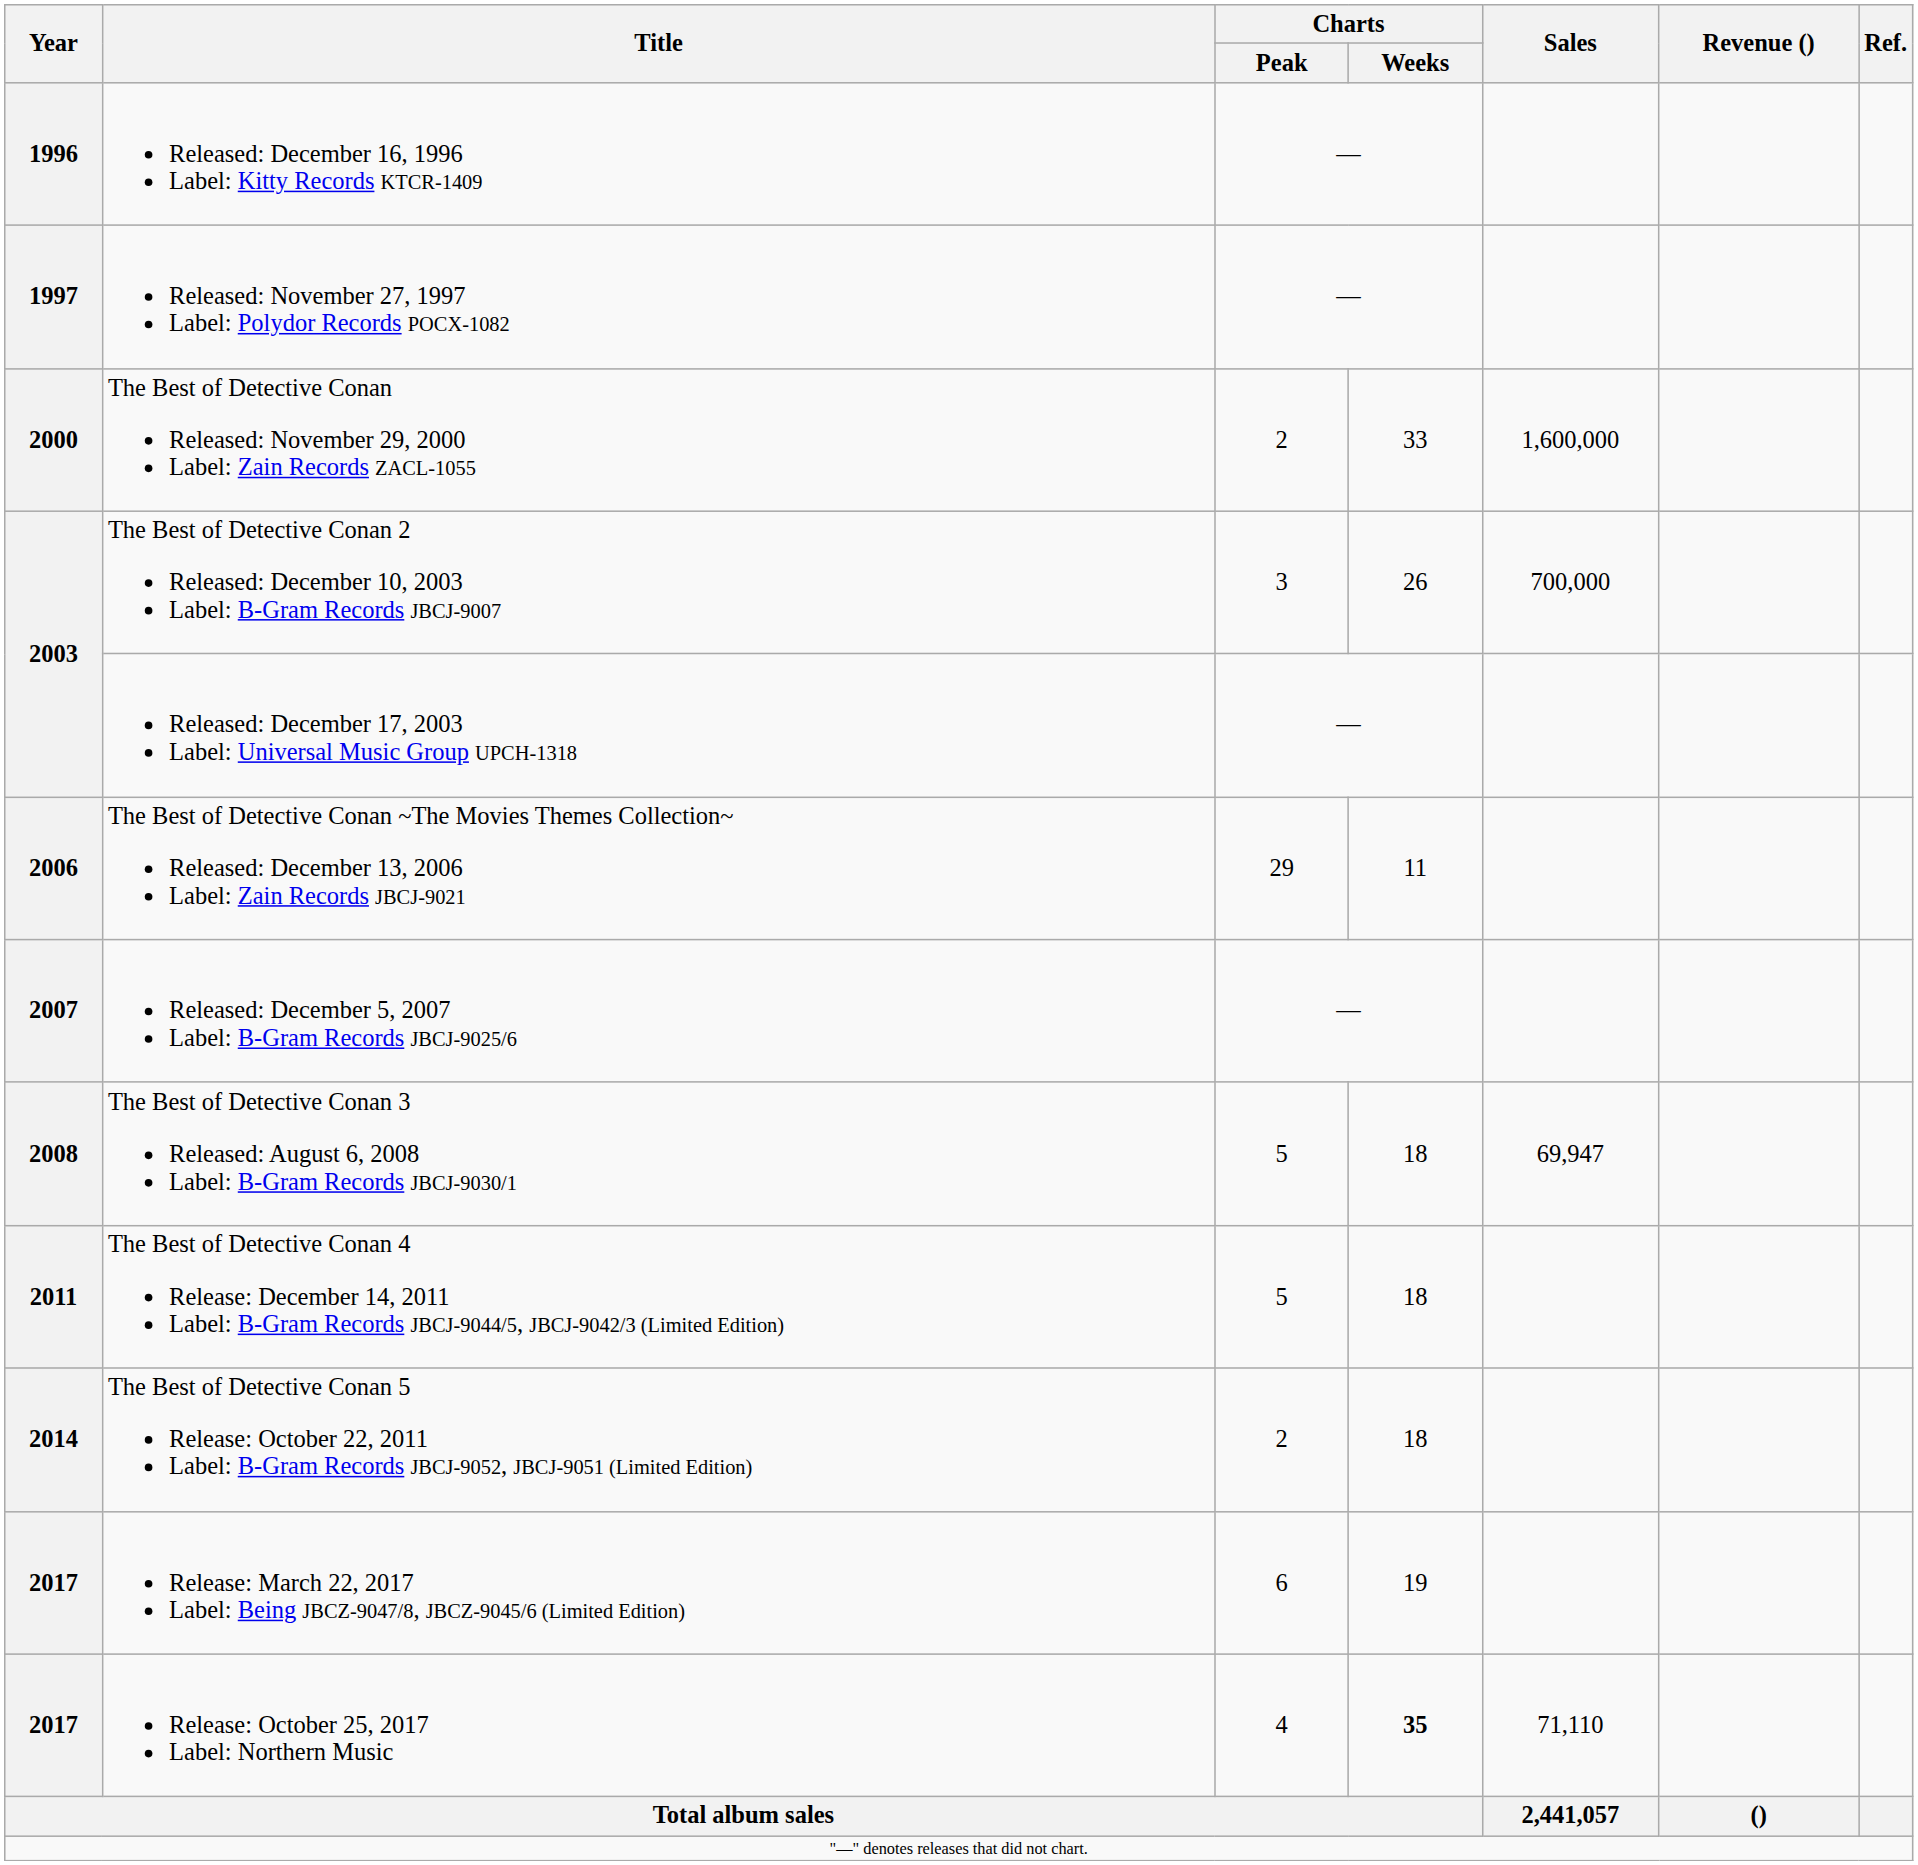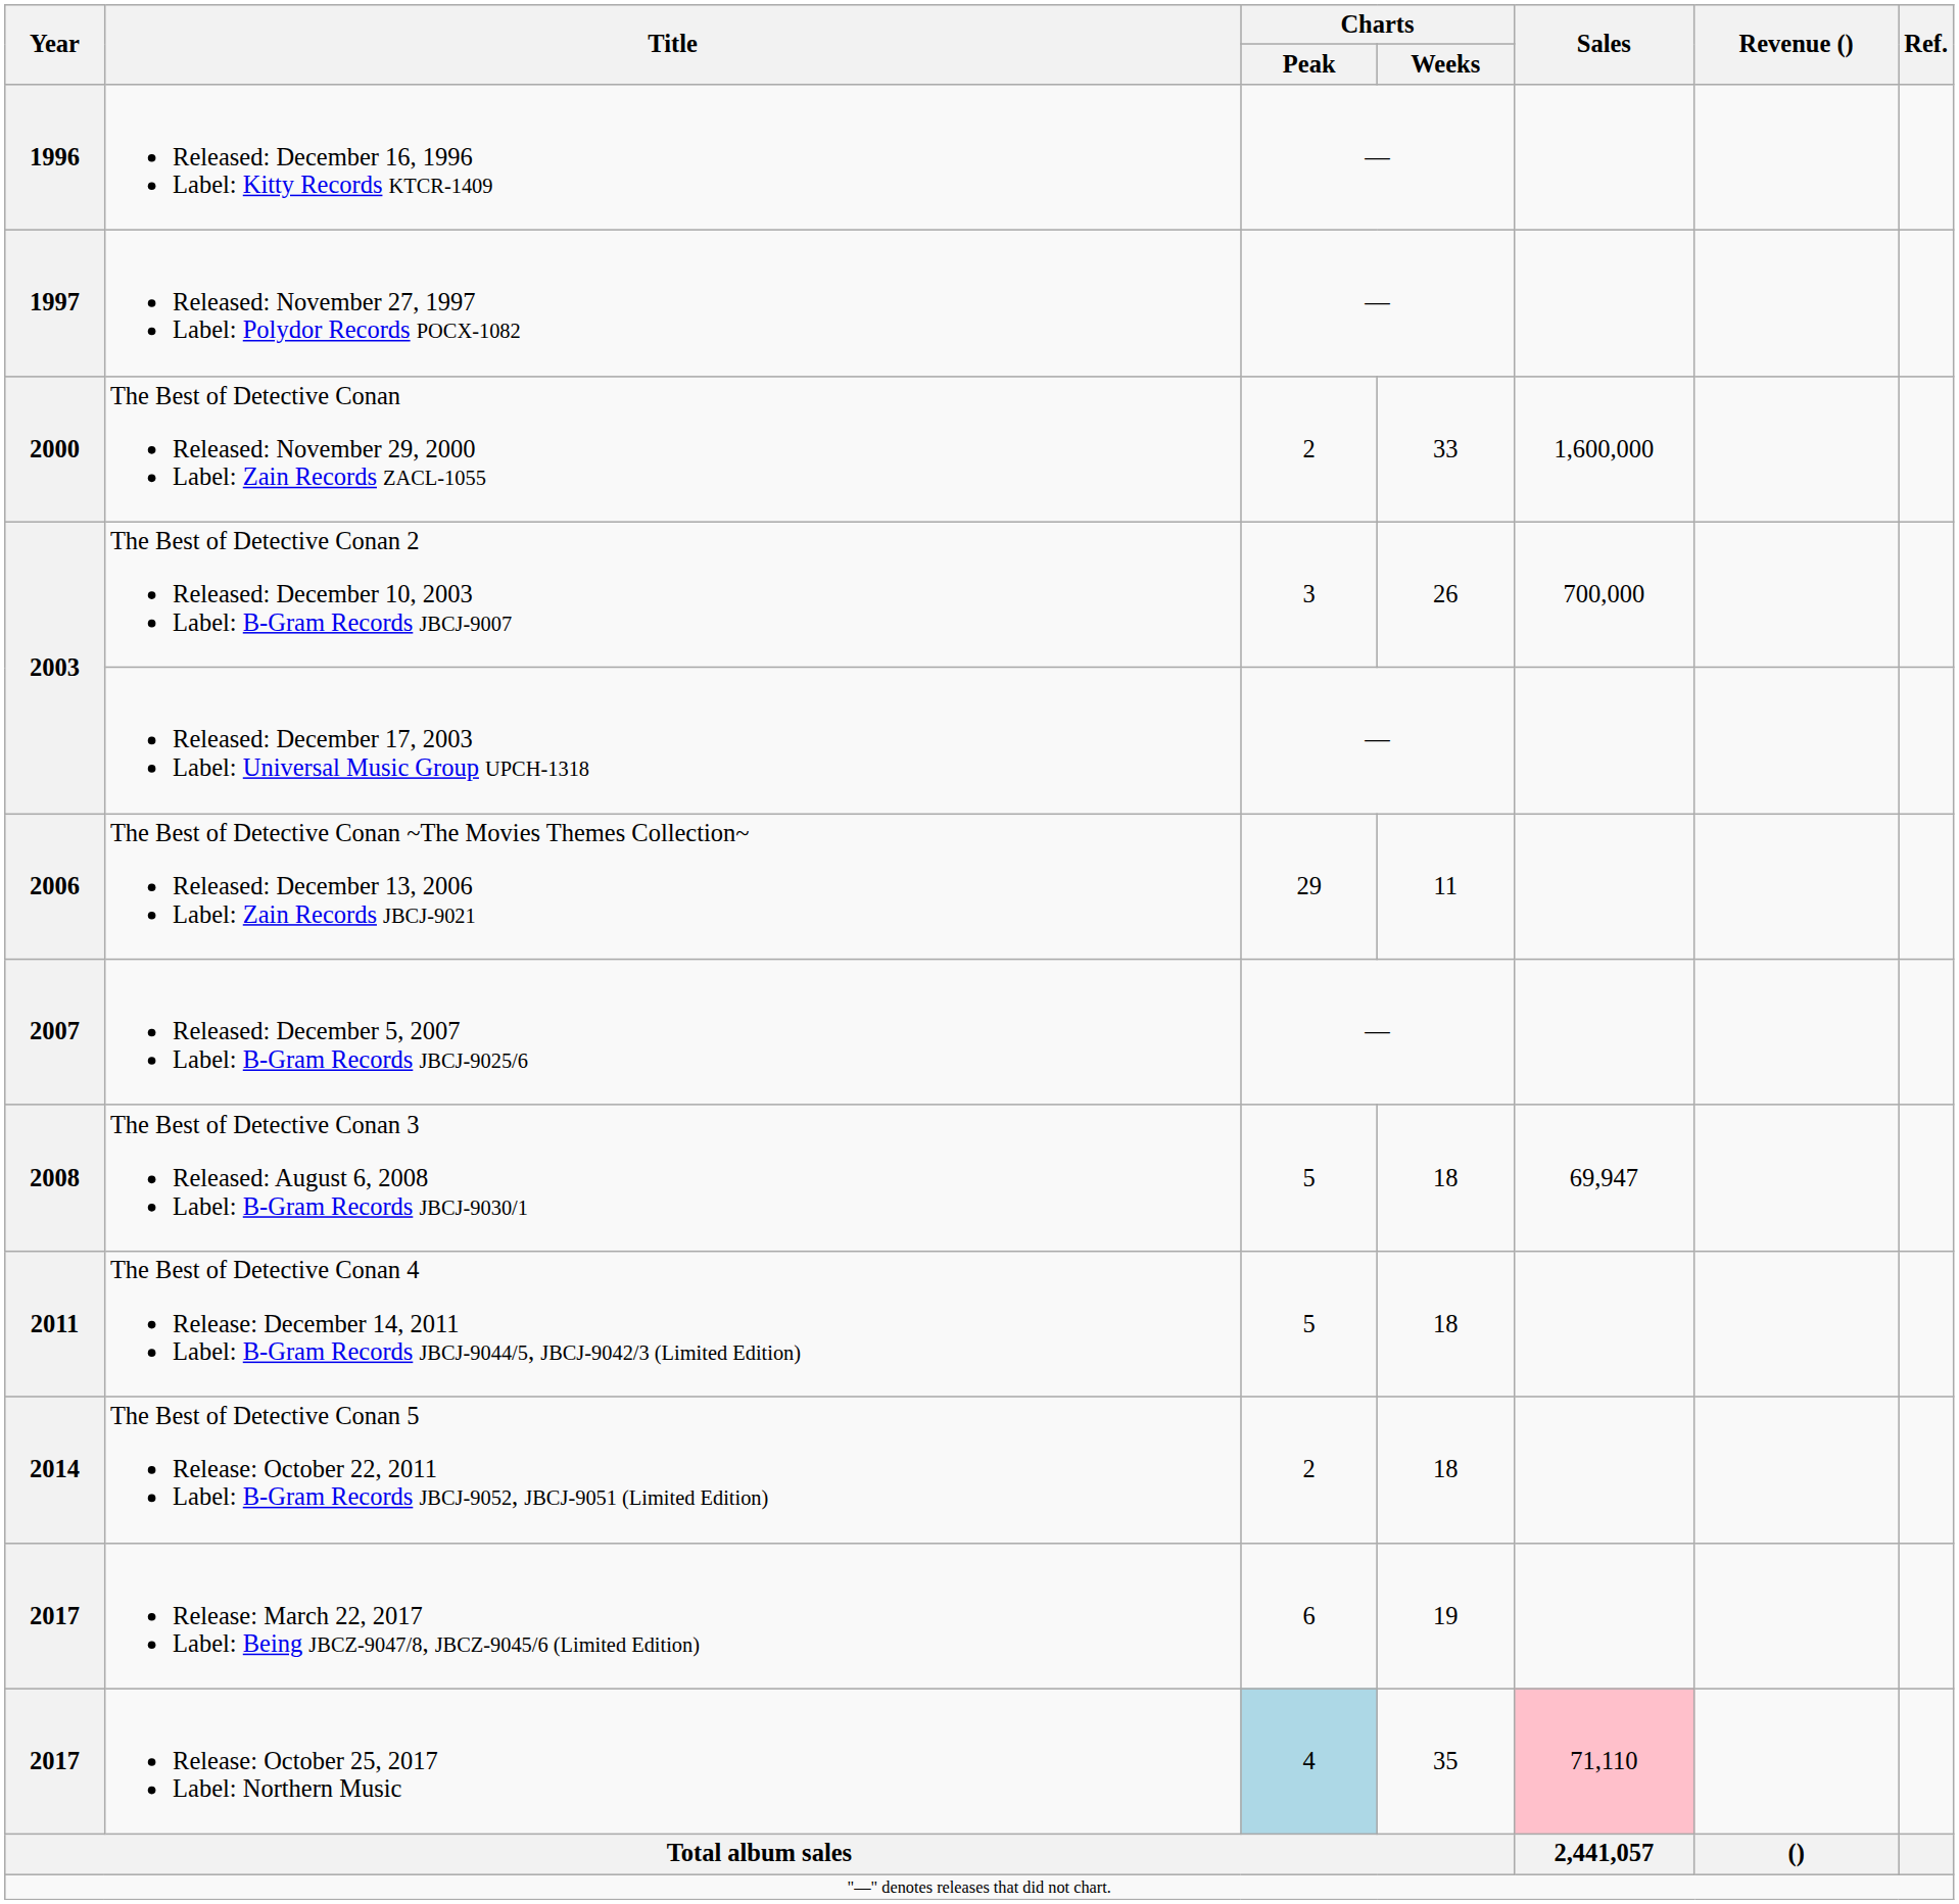 <table class="wikitable sortable">
 <tr>
 <th scope="column" rowspan="2">Year</th>
 <th scope="column" rowspan="2">Title</th>
 <th scope="column" colspan="2">Charts</th>
 <th scope="column" rowspan="2">Sales</th>
 <th scope="column" rowspan="2">Revenue ()</th>
 <th scope="column" width="1%" rowspan="2">Ref.</th>
 </tr>
 <tr>
 <th scope="column" width="7%">Peak</th>
 <th scope="column" width="7%">Weeks</th>
 </tr>
 <tr>
 <th scope="row" align="center">1996</th>
 <td align="left"><br><ul><li>Released: December 16, 1996</li><li>Label: <a href='#'>Kitty Records</a> <small>KTCR-1409</small></li></ul></td>
 <td align="center" colspan="2">—</td>
 <td align="center"></td>
 <td align="center"></td>
 <td align="center"></td>
 </tr>
 <tr>
 <th scope="row" align="center">1997</th>
 <td align="left"><br><ul><li>Released: November 27, 1997</li><li>Label: <a href='#'>Polydor Records</a> <small>POCX-1082</small></li></ul></td>
 <td align="center" colspan="2">—</td>
 <td align="center"></td>
 <td align="center"></td>
 <td align="center"></td>
 </tr>
 <tr>
 <th scope="row" align="center">2000</th>
 <td align="left">The Best of Detective Conan<br><ul><li>Released: November 29, 2000</li><li>Label: <a href='#'>Zain Records</a> <small>ZACL-1055</small></li></ul></td>
 <td align="center">2</td>
 <td align="center">33</td>
 <td align="center">1,600,000</td>
 <td align="center"></td>
 <td align="center"></td>
 </tr>
 <tr>
 <th scope="row" align="center" rowspan="2">2003</th>
 <td align="left">The Best of Detective Conan 2<br><ul><li>Released: December 10, 2003</li><li>Label: <a href='#'>B-Gram Records</a> <small>JBCJ-9007</small></li></ul></td>
 <td align="center">3</td>
 <td align="center">26</td>
 <td align="center">700,000</td>
 <td align="center"></td>
 <td align="center"></td>
 </tr>
 <tr>
 <td align="left"><br><ul><li>Released: December 17, 2003</li><li>Label: <a href='#'>Universal Music Group</a> <small>UPCH-1318</small></li></ul></td>
 <td align="center" colspan="2">—</td>
 <td align="center"></td>
 <td align="center"></td>
 <td align="center"></td>
 </tr>
 <tr>
 <th scope="row" align="center">2006</th>
 <td align="left">The Best of Detective Conan ~The Movies Themes Collection~<br><ul><li>Released: December 13, 2006</li><li>Label: <a href='#'>Zain Records</a> <small>JBCJ-9021</small></li></ul></td>
 <td align="center">29</td>
 <td align="center">11</td>
 <td align="center"></td>
 <td align="center"></td>
 <td align="center"></td>
 </tr>
 <tr>
 <th scope="row" align="center">2007</th>
 <td align="left"><br><ul><li>Released: December 5, 2007</li><li>Label: <a href='#'>B-Gram Records</a> <small>JBCJ-9025/6</small></li></ul></td>
 <td align="center" colspan="2">—</td>
 <td align="center"></td>
 <td align="center"></td>
 <td align="center"></td>
 </tr>
 <tr>
 <th scope="row" align="center">2008</th>
 <td align="left">The Best of Detective Conan 3<br><ul><li>Released: August 6, 2008</li><li>Label: <a href='#'>B-Gram Records</a> <small>JBCJ-9030/1</small></li></ul></td>
 <td align="center">5</td>
 <td align="center">18</td>
 <td align="center">69,947</td>
 <td align="center"></td>
 <td align="center"></td>
 </tr>
 <tr>
 <th scope="row" align="center">2011</th>
 <td align="left">The Best of Detective Conan 4<br><ul><li>Release: December 14, 2011</li><li>Label: <a href='#'>B-Gram Records</a> <small>JBCJ-9044/5</small>, <small>JBCJ-9042/3 (Limited Edition)</small></li></ul></td>
 <td align="center">5</td>
 <td align="center">18</td>
 <td align="center"></td>
 <td align="center"></td>
 <td align="center"></td>
 </tr>
 <tr>
 <th scope="row" align="center">2014</th>
 <td align="left">The Best of Detective Conan 5<br><ul><li>Release: October 22, 2011</li><li>Label: <a href='#'>B-Gram Records</a> <small>JBCJ-9052</small>, <small>JBCJ-9051 (Limited Edition)</small></li></ul></td>
 <td align="center">2</td>
 <td align="center">18</td>
 <td align="center"></td>
 <td align="center"></td>
 <td align="center"></td>
 </tr>
 <tr>
 <th scope="row" align="center">2017</th>
 <td align="left"><br><ul><li>Release: March 22, 2017</li><li>Label: <a href='#'>Being</a> <small>JBCZ-9047/8</small>, <small>JBCZ-9045/6 (Limited Edition)</small></li></ul></td>
 <td align="center">6</td>
 <td align="center">19</td>
 <td align="center"></td>
 <td align="center"></td>
 <td align="center"></td>
 </tr>
 <tr>
 <th scope="row" align="center">2017</th>
 <td align="left"><br><ul><li>Release: October 25, 2017</li><li>Label: Northern Music</li></ul></td>
-<td align="center">4</td>
-<td align="center"><strong>35</strong></td>
-<td align="center">71,110</td>
+<td align="center" style="background: lightblue;">4</td>
+<td align="center">35</td>
+<td align="center" style="background: pink;">71,110</td>
 <td align="center"></td>
 <td align="center"></td>
 </tr>
 <tr>
 <th colspan="4">Total album sales</th>
 <th>2,441,057</th>
 <th> ()</th>
 <th></th>
 </tr>
 <tr>
 <td colspan="7" align="center" style="font-size: 8pt">"—" denotes releases that did not chart.</td>
 </tr>
 </table>
